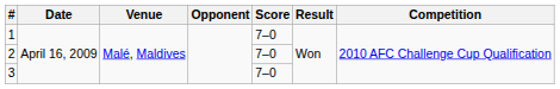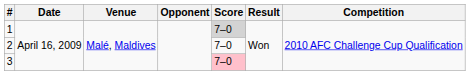 <table class="wikitable">
 <tr>
 <th>#</th>
 <th>Date</th>
 <th>Venue</th>
 <th>Opponent</th>
 <th>Score</th>
 <th>Result</th>
 <th>Competition</th>
 </tr>
 <tr>
 <td>1</td>
 <td rowspan=3>April 16, 2009</td>
 <td rowspan=3><a href='#'>Malé</a>, <a href='#'>Maldives</a></td>
 <td rowspan=3></td>
-<td>7–0</td>
+<td style="background: lightgrey;">7–0</td>
 <td rowspan=3>Won</td>
 <td rowspan=3><a href='#'>2010 AFC Challenge Cup Qualification</a></td>
 </tr>
 <tr>
 <td>2</td>
 <td>7–0</td>
 </tr>
 <tr>
 <td>3</td>
-<td>7–0</td>
+<td style="background: pink;">7–0</td>
 </tr>
 </table>
